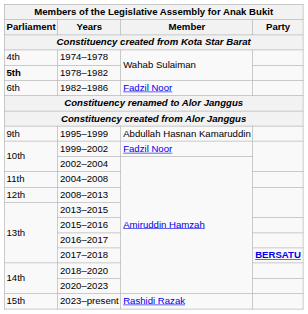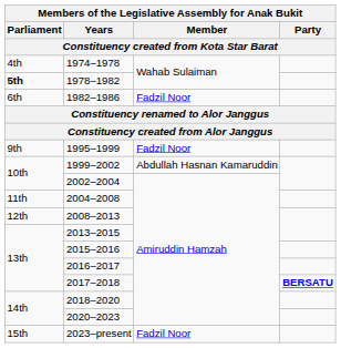 <table class=wikitable>
 <tr>
 <th colspan="4">Members of the Legislative Assembly for Anak Bukit</th>
 </tr>
 <tr>
 <th>Parliament</th>
 <th>Years</th>
 <th>Member</th>
 <th>Party</th>
 </tr>
 <tr>
 <th colspan="4"><em>Constituency created from Kota Star Barat</em></th>
 </tr>
 <tr>
 <td>4th</td>
 <td>1974–1978</td>
 <td rowspan="2">Wahab Sulaiman</td>
 <td></td>
 </tr>
 <tr>
 <td><strong>5th</strong></td>
 <td>1978–1982</td>
 <td></td>
 </tr>
 <tr>
 <td>6th</td>
 <td>1982–1986</td>
 <td><a href='#'>Fadzil Noor</a></td>
 <td></td>
 </tr>
 <tr>
 <th colspan="4"><em>Constituency renamed to Alor Janggus</em></th>
 </tr>
 <tr>
 <th colspan="4"><em>Constituency created from Alor Janggus</em></th>
 </tr>
 <tr>
 <td>9th</td>
 <td>1995–1999</td>
-<td>Abdullah Hasnan Kamaruddin</td>
+<td><a href='#'>Fadzil Noor</a></td>
 <td></td>
 </tr>
 <tr>
 <td rowspan=2>10th</td>
 <td>1999–2002</td>
-<td><a href='#'>Fadzil Noor</a></td>
+<td>Abdullah Hasnan Kamaruddin</td>
 <td rowspan=2></td>
 </tr>
 <tr>
 <td>2002–2004</td>
 <td rowspan=9><a href='#'>Amiruddin Hamzah</a></td>
 </tr>
 <tr>
 <td>11th</td>
 <td>2004–2008</td>
 <td></td>
 </tr>
 <tr>
 <td>12th</td>
 <td>2008–2013</td>
 <td rowspan=2></td>
 </tr>
 <tr>
 <td rowspan=4>13th</td>
 <td>2013–2015</td>
 </tr>
 <tr>
 <td>2015–2016</td>
 <td></td>
 </tr>
 <tr>
 <td>2016–2017</td>
 <td></td>
 </tr>
 <tr>
 <td>2017–2018</td>
 <td><strong><a href='#'>BERSATU</a></strong></td>
 </tr>
 <tr>
 <td rowspan=2>14th</td>
 <td>2018–2020</td>
 <td></td>
 </tr>
 <tr>
 <td>2020–2023</td>
 <td></td>
 </tr>
 <tr>
 <td>15th</td>
 <td>2023–present</td>
-<td><a href='#'>Rashidi Razak</a></td>
+<td><a href='#'>Fadzil Noor</a></td>
 <td></td>
 </tr>
 </table>
